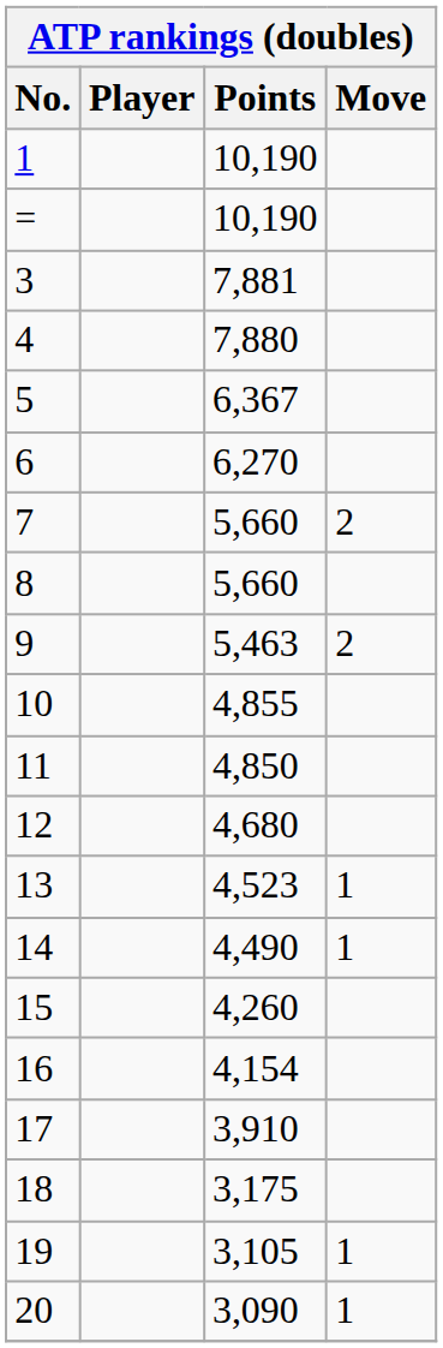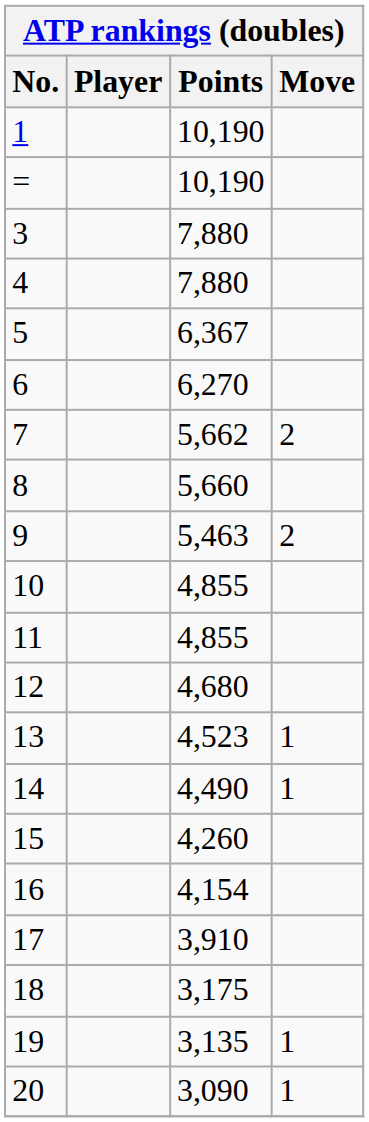 <table class="wikitable nowrap defaultcenter col2left" style="display:inline-table">
 <tr>
 <th colspan="4" scope="col"><a href='#'>ATP rankings</a> (doubles) </th>
 </tr>
 <tr>
 <th scope="col">No.</th>
 <th scope="col">Player</th>
 <th scope="col">Points</th>
 <th scope="col">Move</th>
 </tr>
 <tr>
 <td><a href='#'>1</a></td>
 <td></td>
 <td>10,190</td>
 <td></td>
 </tr>
 <tr>
 <td>=</td>
 <td></td>
 <td>10,190</td>
 <td></td>
 </tr>
 <tr>
 <td>3</td>
 <td></td>
-<td>7,881</td>
+<td>7,880</td>
 <td></td>
 </tr>
 <tr>
 <td>4</td>
 <td></td>
 <td>7,880</td>
 <td></td>
 </tr>
 <tr>
 <td>5</td>
 <td></td>
 <td>6,367</td>
 <td></td>
 </tr>
 <tr>
 <td>6</td>
 <td></td>
 <td>6,270</td>
 <td></td>
 </tr>
 <tr>
 <td>7</td>
 <td></td>
-<td>5,660</td>
+<td>5,662</td>
 <td> 2</td>
 </tr>
 <tr>
 <td>8</td>
 <td></td>
 <td>5,660</td>
 <td></td>
 </tr>
 <tr>
 <td>9</td>
 <td></td>
 <td>5,463</td>
 <td> 2</td>
 </tr>
 <tr>
 <td>10</td>
 <td></td>
 <td>4,855</td>
 <td></td>
 </tr>
 <tr>
 <td>11</td>
 <td></td>
-<td>4,850</td>
+<td>4,855</td>
 <td></td>
 </tr>
 <tr>
 <td>12</td>
 <td></td>
 <td>4,680</td>
 <td></td>
 </tr>
 <tr>
 <td>13</td>
 <td></td>
 <td>4,523</td>
 <td> 1</td>
 </tr>
 <tr>
 <td>14</td>
 <td></td>
 <td>4,490</td>
 <td> 1</td>
 </tr>
 <tr>
 <td>15</td>
 <td></td>
 <td>4,260</td>
 <td></td>
 </tr>
 <tr>
 <td>16</td>
 <td></td>
 <td>4,154</td>
 <td></td>
 </tr>
 <tr>
 <td>17</td>
 <td></td>
 <td>3,910</td>
 <td></td>
 </tr>
 <tr>
 <td>18</td>
 <td></td>
 <td>3,175</td>
 <td></td>
 </tr>
 <tr>
 <td>19</td>
 <td></td>
-<td>3,105</td>
+<td>3,135</td>
 <td> 1</td>
 </tr>
 <tr>
 <td>20</td>
 <td></td>
 <td>3,090</td>
 <td> 1</td>
 </tr>
 <tr>
 </tr>
 </table>
